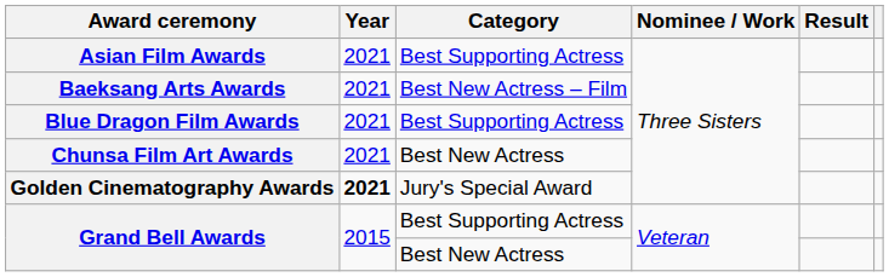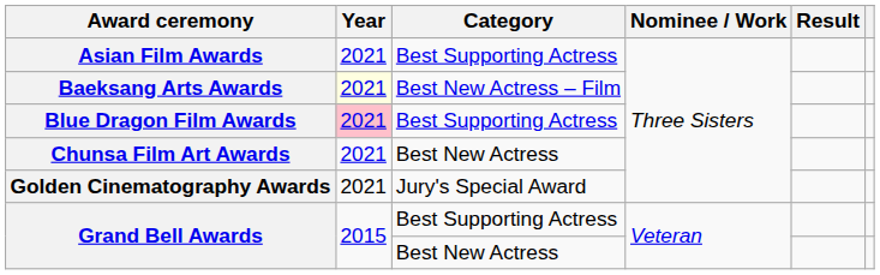 <table class="wikitable plainrowheaders sortable">
 <tr>
 <th scope="col">Award ceremony</th>
 <th scope="col">Year</th>
 <th scope="col">Category</th>
 <th scope="col">Nominee / Work</th>
 <th scope="col">Result</th>
 <th scope="col" class="unsortable"></th>
 </tr>
 <tr>
 <th scope="row"><a href='#'>Asian Film Awards</a></th>
 <td style="text-align:center"><a href='#'>2021</a></td>
 <td><a href='#'>Best Supporting Actress</a></td>
 <td rowspan="5"><em>Three Sisters</em></td>
 <td></td>
 <td style="text-align:center"></td>
 </tr>
 <tr>
 <th scope="row"><a href='#'>Baeksang Arts Awards</a></th>
-<td style="text-align:center"><a href='#'>2021</a></td>
+<td style="background: lightyellow; text-align:center"><a href='#'>2021</a></td>
 <td><a href='#'>Best New Actress – Film</a></td>
 <td></td>
 <td style="text-align:center"></td>
 </tr>
 <tr>
 <th scope="row"><a href='#'>Blue Dragon Film Awards</a></th>
-<td style="text-align:center"><a href='#'>2021</a></td>
+<td style="background: pink; text-align:center"><a href='#'>2021</a></td>
 <td><a href='#'>Best Supporting Actress</a></td>
 <td></td>
 <td style="text-align:center"></td>
 </tr>
 <tr>
 <th scope="row"><a href='#'>Chunsa Film Art Awards</a></th>
 <td style="text-align:center"><a href='#'>2021</a></td>
 <td>Best New Actress</td>
 <td></td>
 <td style="text-align:center"></td>
 </tr>
 <tr>
 <th scope="row">Golden Cinematography Awards</th>
-<td style="text-align:center"><strong>2021</strong></td>
+<td style="text-align:center">2021</td>
 <td>Jury's Special Award</td>
 <td></td>
 <td style="text-align:center"></td>
 </tr>
 <tr>
 <th scope="row"  rowspan="2"><a href='#'>Grand Bell Awards</a></th>
 <td rowspan="2" style="text-align:center"><a href='#'>2015</a></td>
 <td>Best Supporting Actress</td>
 <td rowspan="2"><em><a href='#'>Veteran</a></em></td>
 <td></td>
 <td style="text-align:center"></td>
 </tr>
 <tr>
 <td>Best New Actress</td>
 <td></td>
 <td style="text-align:center"></td>
 </tr>
 </table>
